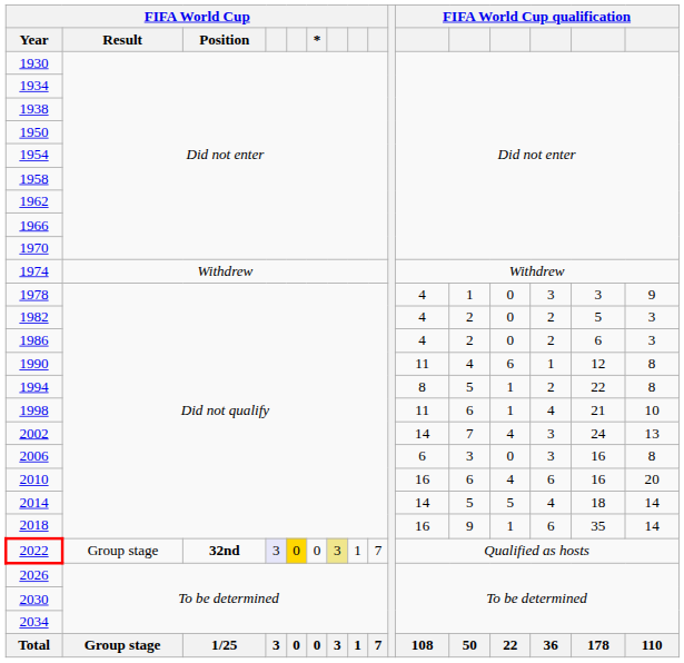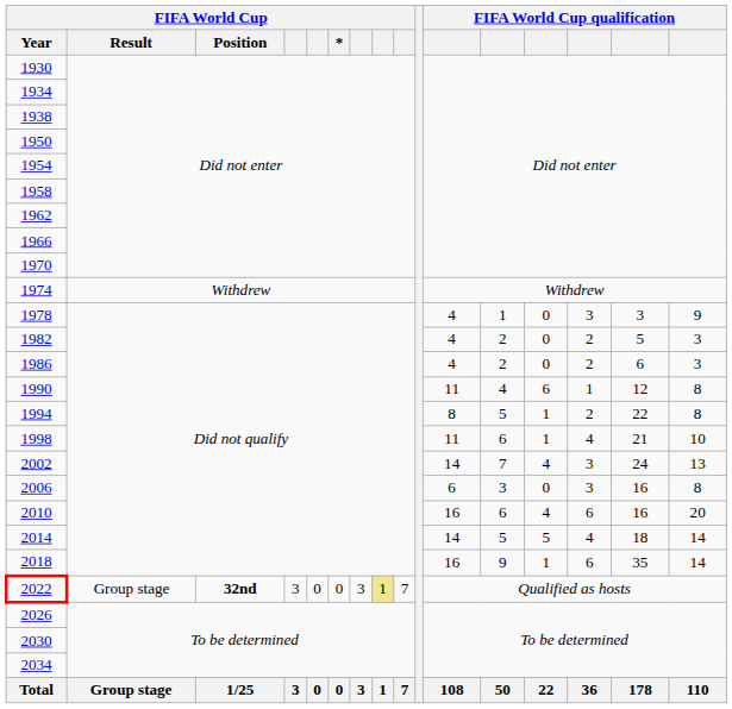 <table class="wikitable" style="text-align: center;">
 <tr>
 <th colspan=9><a href='#'>FIFA World Cup</a></th>
 <th style="width:1%;" rowspan="39"></th>
 <th colspan=6><a href='#'>FIFA World Cup qualification</a></th>
 </tr>
 <tr>
 <th>Year</th>
 <th>Result</th>
 <th>Position</th>
 <th></th>
 <th></th>
 <th>*</th>
 <th></th>
 <th></th>
 <th></th>
 <th></th>
 <th></th>
 <th></th>
 <th></th>
 <th></th>
 <th></th>
 </tr>
 <tr>
 <td> <a href='#'>1930</a></td>
 <td colspan=8 rowspan=9><em>Did not enter</em></td>
 <td colspan=8 rowspan=9><em>Did not enter</em></td>
 </tr>
 <tr>
 <td> <a href='#'>1934</a></td>
 </tr>
 <tr>
 <td> <a href='#'>1938</a></td>
 </tr>
 <tr>
 <td> <a href='#'>1950</a></td>
 </tr>
 <tr>
 <td> <a href='#'>1954</a></td>
 </tr>
 <tr>
 <td> <a href='#'>1958</a></td>
 </tr>
 <tr>
 <td> <a href='#'>1962</a></td>
 </tr>
 <tr>
 <td> <a href='#'>1966</a></td>
 </tr>
 <tr>
 <td> <a href='#'>1970</a></td>
 </tr>
 <tr>
 <td> <a href='#'>1974</a></td>
 <td colspan=8><em>Withdrew</em></td>
 <td colspan=6><em>Withdrew</em></td>
 </tr>
 <tr>
 <td> <a href='#'>1978</a></td>
 <td colspan=8 rowspan=11><em>Did not qualify</em></td>
 <td>4</td>
 <td>1</td>
 <td>0</td>
 <td>3</td>
 <td>3</td>
 <td>9</td>
 </tr>
 <tr>
 <td> <a href='#'>1982</a></td>
 <td>4</td>
 <td>2</td>
 <td>0</td>
 <td>2</td>
 <td>5</td>
 <td>3</td>
 </tr>
 <tr>
 <td> <a href='#'>1986</a></td>
 <td>4</td>
 <td>2</td>
 <td>0</td>
 <td>2</td>
 <td>6</td>
 <td>3</td>
 </tr>
 <tr>
 <td> <a href='#'>1990</a></td>
 <td>11</td>
 <td>4</td>
 <td>6</td>
 <td>1</td>
 <td>12</td>
 <td>8</td>
 </tr>
 <tr>
 <td> <a href='#'>1994</a></td>
 <td>8</td>
 <td>5</td>
 <td>1</td>
 <td>2</td>
 <td>22</td>
 <td>8</td>
 </tr>
 <tr>
 <td> <a href='#'>1998</a></td>
 <td>11</td>
 <td>6</td>
 <td>1</td>
 <td>4</td>
 <td>21</td>
 <td>10</td>
 </tr>
 <tr>
 <td>  <a href='#'>2002</a></td>
 <td>14</td>
 <td>7</td>
 <td>4</td>
 <td>3</td>
 <td>24</td>
 <td>13</td>
 </tr>
 <tr>
 <td> <a href='#'>2006</a></td>
 <td>6</td>
 <td>3</td>
 <td>0</td>
 <td>3</td>
 <td>16</td>
 <td>8</td>
 </tr>
 <tr>
 <td> <a href='#'>2010</a></td>
 <td>16</td>
 <td>6</td>
 <td>4</td>
 <td>6</td>
 <td>16</td>
 <td>20</td>
 </tr>
 <tr>
 <td> <a href='#'>2014</a></td>
 <td>14</td>
 <td>5</td>
 <td>5</td>
 <td>4</td>
 <td>18</td>
 <td>14</td>
 </tr>
 <tr>
 <td> <a href='#'>2018</a></td>
 <td>16</td>
 <td>9</td>
 <td>1</td>
 <td>6</td>
 <td>35</td>
 <td>14</td>
 </tr>
 <tr>
 <td style="border: 3px solid red"> <a href='#'>2022</a></td>
 <td>Group stage</td>
 <td><strong>32nd</strong></td>
-<td style="background: lavender;">3</td>
-<td style="background: gold;">0</td>
+<td>3</td>
 <td>0</td>
-<td style="background: khaki;">3</td>
-<td>1</td>
+<td>0</td>
+<td>3</td>
+<td style="background: khaki;">1</td>
 <td>7</td>
 <td colspan=6><em>Qualified as hosts</em></td>
 </tr>
 <tr>
 <td>   <a href='#'>2026</a></td>
 <td rowspan=3 colspan=9><em>To be determined</em></td>
 <td rowspan=3 colspan=9><em>To be determined</em></td>
 </tr>
 <tr>
 <td>   <a href='#'>2030</a></td>
 </tr>
 <tr>
 <td> <a href='#'>2034</a></td>
 </tr>
 <tr>
 <th><strong>Total</strong></th>
 <th><strong>Group stage</strong></th>
 <th>1/25</th>
 <th>3</th>
 <th>0</th>
 <th>0</th>
 <th>3</th>
 <th>1</th>
 <th>7</th>
 <th><strong>108</strong></th>
 <th><strong>50</strong></th>
 <th><strong>22</strong></th>
 <th><strong>36</strong></th>
 <th><strong>178</strong></th>
 <th><strong>110</strong></th>
 </tr>
 </table>
